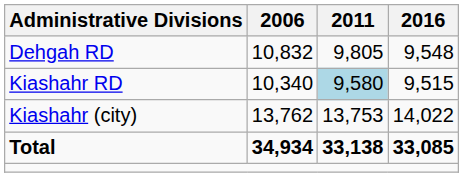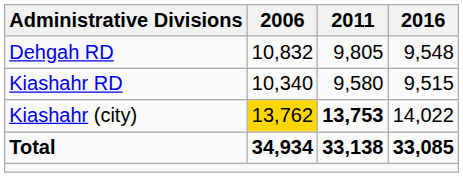 <table class="wikitable">
 <tr>
 <th>Administrative Divisions</th>
 <th>2006</th>
 <th>2011</th>
 <th>2016</th>
 </tr>
 <tr>
 <td><a href='#'>Dehgah RD</a></td>
 <td style="text-align: right;">10,832</td>
 <td style="text-align: right;">9,805</td>
 <td style="text-align: right;">9,548</td>
 </tr>
 <tr>
 <td><a href='#'>Kiashahr RD</a></td>
 <td style="text-align: right;">10,340</td>
-<td style="background: lightblue; text-align: right;">9,580</td>
+<td style="text-align: right;">9,580</td>
 <td style="text-align: right;">9,515</td>
 </tr>
 <tr>
 <td><a href='#'>Kiashahr</a> (city)</td>
-<td style="text-align: right;">13,762</td>
-<td style="text-align: right;">13,753</td>
+<td style="background: gold; text-align: right;">13,762</td>
+<td style="text-align: right;"><strong>13,753</strong></td>
 <td style="text-align: right;">14,022</td>
 </tr>
 <tr>
 <td><strong>Total</strong></td>
 <td style="text-align: right;"><strong>34,934</strong></td>
 <td style="text-align: right;"><strong>33,138</strong></td>
 <td style="text-align: right;"><strong>33,085</strong></td>
 </tr>
 <tr>
 <td colspan=4></td>
 </tr>
 </table>
